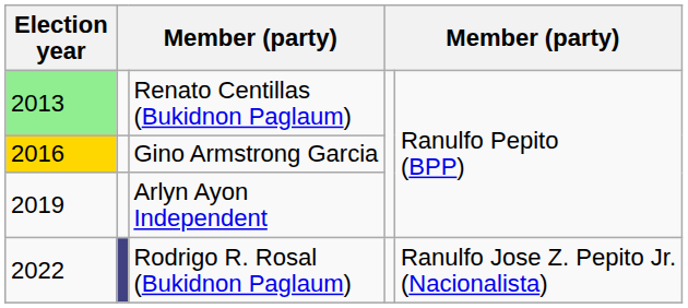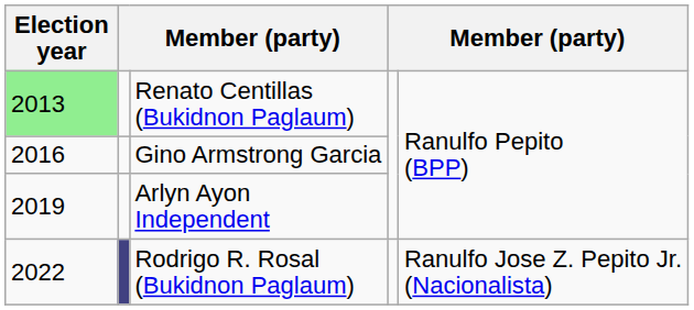 <table class=wikitable style="font-size:90%">
 <tr>
 <th width=60px>Election<br>year</th>
 <th colspan=2 width=140px>Member (party)</th>
 <th colspan=2 width=140px>Member (party)</th>
 </tr>
 <tr>
 <td style="background: lightgreen;">2013</td>
 <td bgcolor=></td>
 <td>Renato Centillas<br>(<a href='#'>Bukidnon Paglaum</a>)</td>
 <td rowspan=3 bgcolor=></td>
 <td rowspan=3>Ranulfo Pepito<br>(<a href='#'>BPP</a>)</td>
 </tr>
 <tr>
-<td style="background: gold;">2016</td>
+<td>2016</td>
 <td bgcolor=></td>
 <td>Gino Armstrong Garcia</td>
 </tr>
 <tr>
 <td>2019</td>
 <td bgcolor=></td>
 <td>Arlyn Ayon<br><a href='#'>Independent</a></td>
 </tr>
 <tr>
 <td>2022</td>
 <td bgcolor=#414181></td>
 <td>Rodrigo R. Rosal<br>(<a href='#'>Bukidnon Paglaum</a>)</td>
 <td bgcolor=></td>
 <td>Ranulfo Jose Z. Pepito Jr.<br>(<a href='#'>Nacionalista</a>)</td>
 </tr>
 </table>
